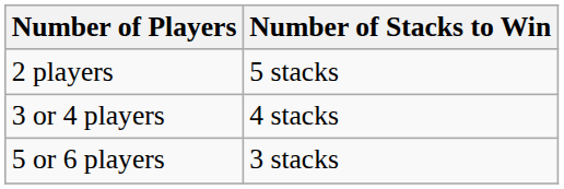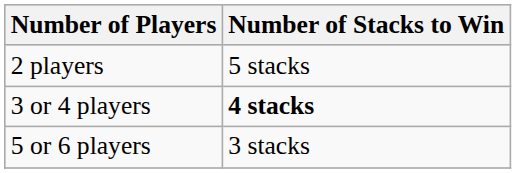 <table class="wikitable">
 <tr>
 <th>Number of Players</th>
 <th>Number of Stacks to Win</th>
 </tr>
 <tr>
 <td>2 players</td>
 <td>5 stacks</td>
 </tr>
 <tr>
 <td>3 or 4 players</td>
-<td>4 stacks</td>
+<td><strong>4 stacks</strong></td>
 </tr>
 <tr>
 <td>5 or 6 players</td>
 <td>3 stacks</td>
 </tr>
 </table>
